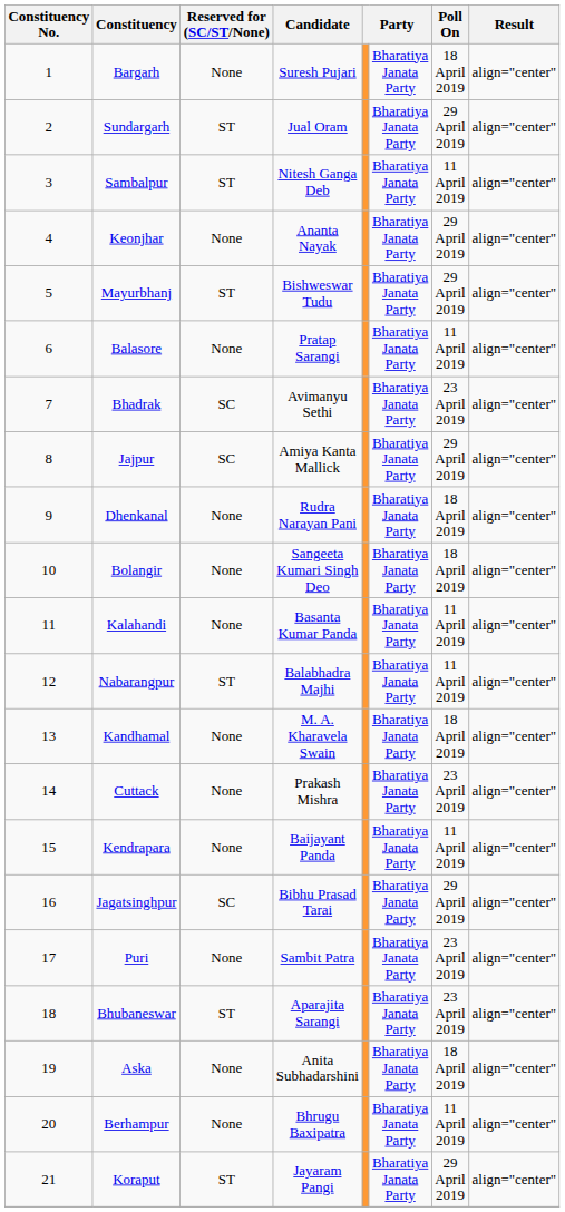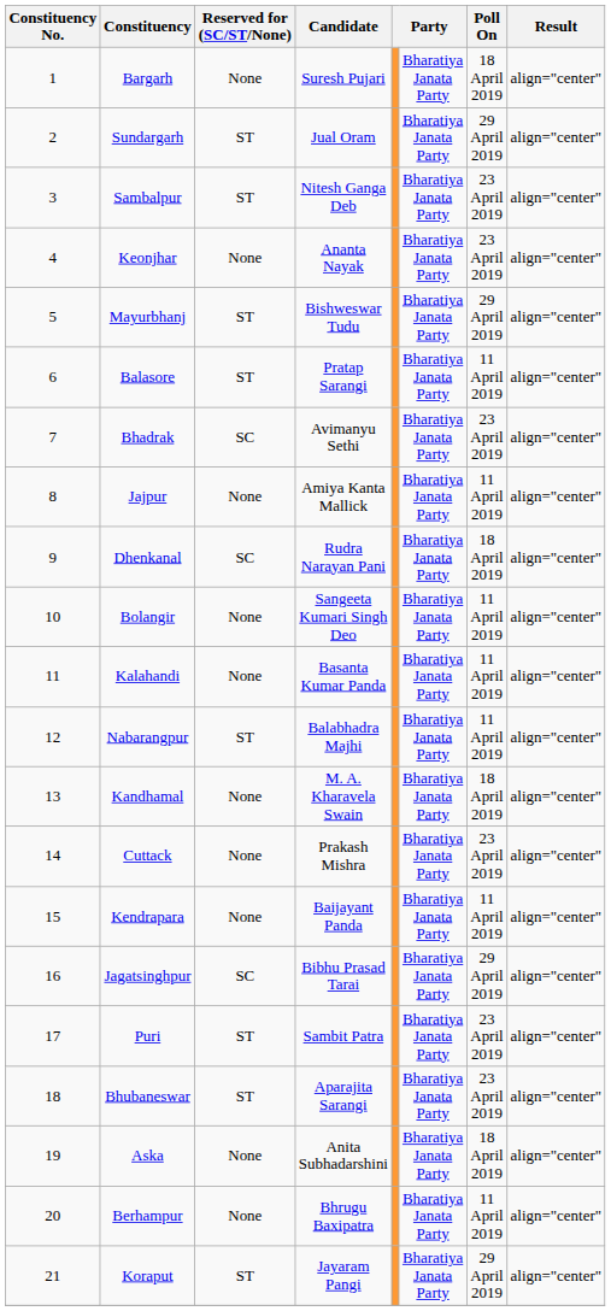 <table class="wikitable sortable" style="text-align:center;">
 <tr>
 <th>Constituency No.</th>
 <th style="width:180px;">Constituency</th>
 <th>Reserved for<br>(<a href='#'>SC/ST</a>/None)</th>
 <th style="width:200px;">Candidate</th>
 <th colspan="2">Party</th>
 <th>Poll On</th>
 <th>Result</th>
 </tr>
 <tr>
 <td align="center">1</td>
 <td><a href='#'>Bargarh</a></td>
 <td align="center">None</td>
 <td><a href='#'>Suresh Pujari</a></td>
 <td bgcolor=#FF9933></td>
 <td><a href='#'>Bharatiya Janata Party</a></td>
 <td align="center">18 April 2019</td>
 <td>align="center" </td>
 </tr>
 <tr>
 <td align="center">2</td>
 <td><a href='#'>Sundargarh</a></td>
 <td align="center">ST</td>
 <td><a href='#'>Jual Oram</a></td>
 <td bgcolor=#FF9933></td>
 <td><a href='#'>Bharatiya Janata Party</a></td>
 <td align="center">29 April 2019</td>
 <td>align="center" </td>
 </tr>
 <tr>
 <td align="center">3</td>
 <td><a href='#'>Sambalpur</a></td>
 <td align="center">ST</td>
 <td><a href='#'>Nitesh Ganga Deb</a></td>
 <td bgcolor=#FF9933></td>
 <td><a href='#'>Bharatiya Janata Party</a></td>
-<td align="center">11 April 2019</td>
+<td align="center">23 April 2019</td>
 <td>align="center" </td>
 </tr>
 <tr>
 <td align="center">4</td>
 <td><a href='#'>Keonjhar</a></td>
 <td align="center">None</td>
 <td><a href='#'>Ananta Nayak</a></td>
 <td bgcolor=#FF9933></td>
 <td><a href='#'>Bharatiya Janata Party</a></td>
-<td align="center">29 April 2019</td>
+<td align="center">23 April 2019</td>
 <td>align="center" </td>
 </tr>
 <tr>
 <td align="center">5</td>
 <td><a href='#'>Mayurbhanj</a></td>
 <td align="center">ST</td>
 <td><a href='#'>Bishweswar Tudu</a></td>
 <td bgcolor="#FF9933"></td>
 <td><a href='#'>Bharatiya Janata Party</a></td>
 <td align="center">29 April 2019</td>
 <td>align="center" </td>
 </tr>
 <tr>
 <td align="center">6</td>
 <td><a href='#'>Balasore</a></td>
-<td align="center">None</td>
+<td align="center">ST</td>
 <td><a href='#'>Pratap Sarangi</a></td>
 <td bgcolor=#FF9933></td>
 <td><a href='#'>Bharatiya Janata Party</a></td>
 <td align="center">11 April 2019</td>
 <td>align="center" </td>
 </tr>
 <tr>
 <td align="center">7</td>
 <td><a href='#'>Bhadrak</a></td>
 <td align="center">SC</td>
 <td>Avimanyu Sethi</td>
 <td bgcolor="#FF9933"></td>
 <td><a href='#'>Bharatiya Janata Party</a></td>
 <td align="center">23 April 2019</td>
 <td>align="center" </td>
 </tr>
 <tr>
 <td align="center">8</td>
 <td><a href='#'>Jajpur</a></td>
-<td align="center">SC</td>
+<td align="center">None</td>
 <td>Amiya Kanta Mallick</td>
 <td bgcolor="#FF9933"></td>
 <td><a href='#'>Bharatiya Janata Party</a></td>
-<td align="center">29 April 2019</td>
+<td align="center">11 April 2019</td>
 <td>align="center" </td>
 </tr>
 <tr>
 <td align="center">9</td>
 <td><a href='#'>Dhenkanal</a></td>
-<td align="center">None</td>
+<td align="center">SC</td>
 <td><a href='#'>Rudra Narayan Pani</a></td>
 <td bgcolor=#FF9933></td>
 <td><a href='#'>Bharatiya Janata Party</a></td>
 <td align="center">18 April 2019</td>
 <td>align="center" </td>
 </tr>
 <tr>
 <td align="center">10</td>
 <td><a href='#'>Bolangir</a></td>
 <td align="center">None</td>
 <td><a href='#'>Sangeeta Kumari Singh Deo</a></td>
 <td bgcolor=#FF9933></td>
 <td><a href='#'>Bharatiya Janata Party</a></td>
-<td align="center">18 April 2019</td>
+<td align="center">11 April 2019</td>
 <td>align="center" </td>
 </tr>
 <tr>
 <td align="center">11</td>
 <td><a href='#'>Kalahandi</a></td>
 <td align="center">None</td>
 <td><a href='#'>Basanta Kumar Panda</a></td>
 <td bgcolor=#FF9933></td>
 <td><a href='#'>Bharatiya Janata Party</a></td>
 <td align="center">11 April 2019</td>
 <td>align="center" </td>
 </tr>
 <tr>
 <td align="center">12</td>
 <td><a href='#'>Nabarangpur</a></td>
 <td align="center">ST</td>
 <td><a href='#'>Balabhadra Majhi</a></td>
 <td bgcolor=#FF9933></td>
 <td><a href='#'>Bharatiya Janata Party</a></td>
 <td align="center">11 April 2019</td>
 <td>align="center" </td>
 </tr>
 <tr>
 <td align="center">13</td>
 <td><a href='#'>Kandhamal</a></td>
 <td align="center">None</td>
 <td><a href='#'>M. A. Kharavela Swain</a></td>
 <td bgcolor=#FF9933></td>
 <td><a href='#'>Bharatiya Janata Party</a></td>
 <td align="center">18 April 2019</td>
 <td>align="center" </td>
 </tr>
 <tr>
 <td align="center">14</td>
 <td><a href='#'>Cuttack</a></td>
 <td align="center">None</td>
 <td>Prakash Mishra</td>
 <td bgcolor=#FF9933></td>
 <td><a href='#'>Bharatiya Janata Party</a></td>
 <td align="center">23 April 2019</td>
 <td>align="center" </td>
 </tr>
 <tr>
 <td align="center">15</td>
 <td><a href='#'>Kendrapara</a></td>
 <td align="center">None</td>
 <td><a href='#'>Baijayant Panda</a></td>
 <td bgcolor=#FF9933></td>
 <td><a href='#'>Bharatiya Janata Party</a></td>
 <td align="center">11 April 2019</td>
 <td>align="center" </td>
 </tr>
 <tr>
 <td align="center">16</td>
 <td><a href='#'>Jagatsinghpur</a></td>
 <td align="center">SC</td>
 <td><a href='#'>Bibhu Prasad Tarai</a></td>
 <td bgcolor=#FF9933></td>
 <td><a href='#'>Bharatiya Janata Party</a></td>
 <td align="center">29 April 2019</td>
 <td>align="center" </td>
 </tr>
 <tr>
 <td align="center">17</td>
 <td><a href='#'>Puri</a></td>
-<td align="center">None</td>
+<td align="center">ST</td>
 <td><a href='#'>Sambit Patra</a></td>
 <td bgcolor=#FF9933></td>
 <td><a href='#'>Bharatiya Janata Party</a></td>
 <td align="center">23 April 2019</td>
 <td>align="center" </td>
 </tr>
 <tr>
 <td align="center">18</td>
 <td><a href='#'>Bhubaneswar</a></td>
 <td align="center">ST</td>
 <td><a href='#'>Aparajita Sarangi</a></td>
 <td bgcolor=#FF9933></td>
 <td><a href='#'>Bharatiya Janata Party</a></td>
 <td align="center">23 April 2019</td>
 <td>align="center" </td>
 </tr>
 <tr>
 <td align="center">19</td>
 <td><a href='#'>Aska</a></td>
 <td align="center">None</td>
 <td>Anita Subhadarshini</td>
 <td bgcolor=#FF9933></td>
 <td><a href='#'>Bharatiya Janata Party</a></td>
 <td align="center">18 April 2019</td>
 <td>align="center" </td>
 </tr>
 <tr>
 <td align="center">20</td>
 <td><a href='#'>Berhampur</a></td>
 <td align="center">None</td>
 <td><a href='#'>Bhrugu Baxipatra</a></td>
 <td bgcolor=#FF9933></td>
 <td><a href='#'>Bharatiya Janata Party</a></td>
 <td align="center">11 April 2019</td>
 <td>align="center" </td>
 </tr>
 <tr>
 <td align="center">21</td>
 <td><a href='#'>Koraput</a></td>
 <td align="center">ST</td>
 <td><a href='#'>Jayaram Pangi</a></td>
 <td bgcolor=#FF9933></td>
 <td><a href='#'>Bharatiya Janata Party</a></td>
 <td align="center">29 April 2019</td>
 <td>align="center" </td>
 </tr>
 <tr>
 </tr>
 </table>
